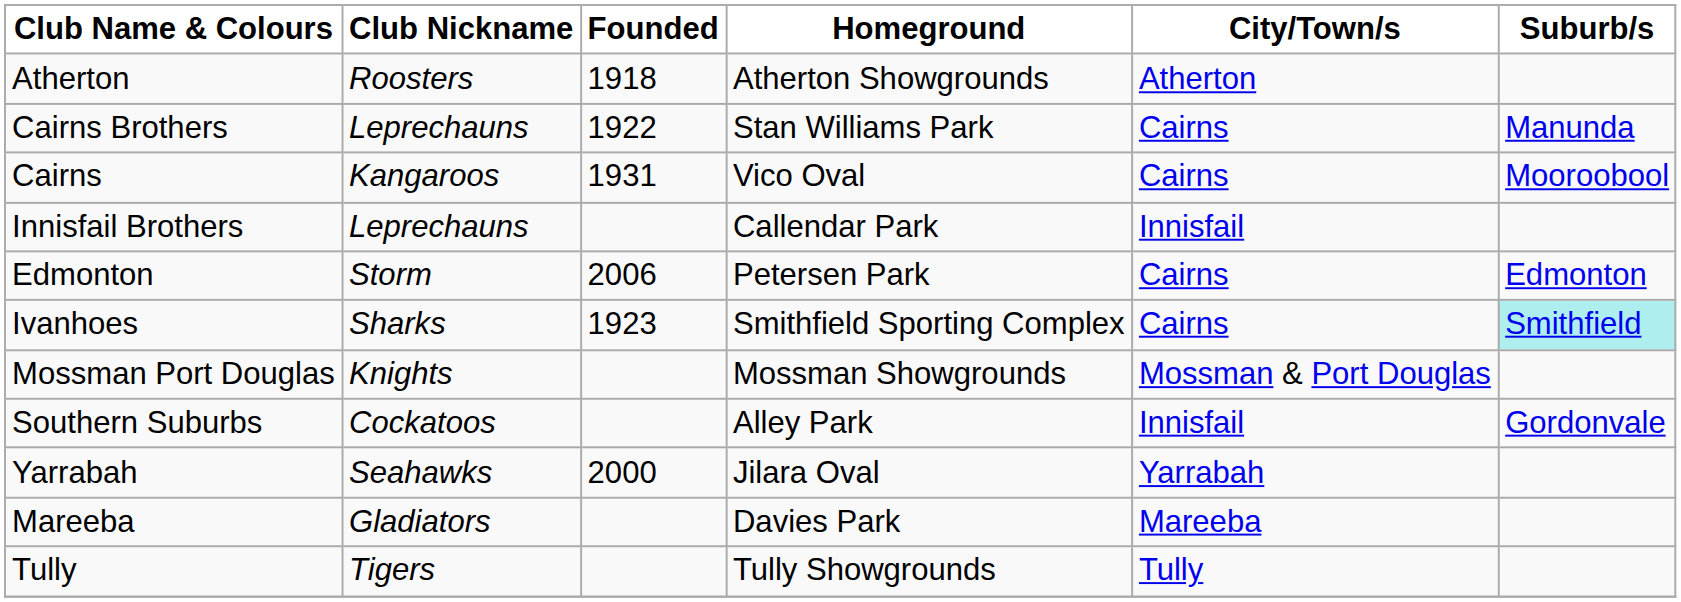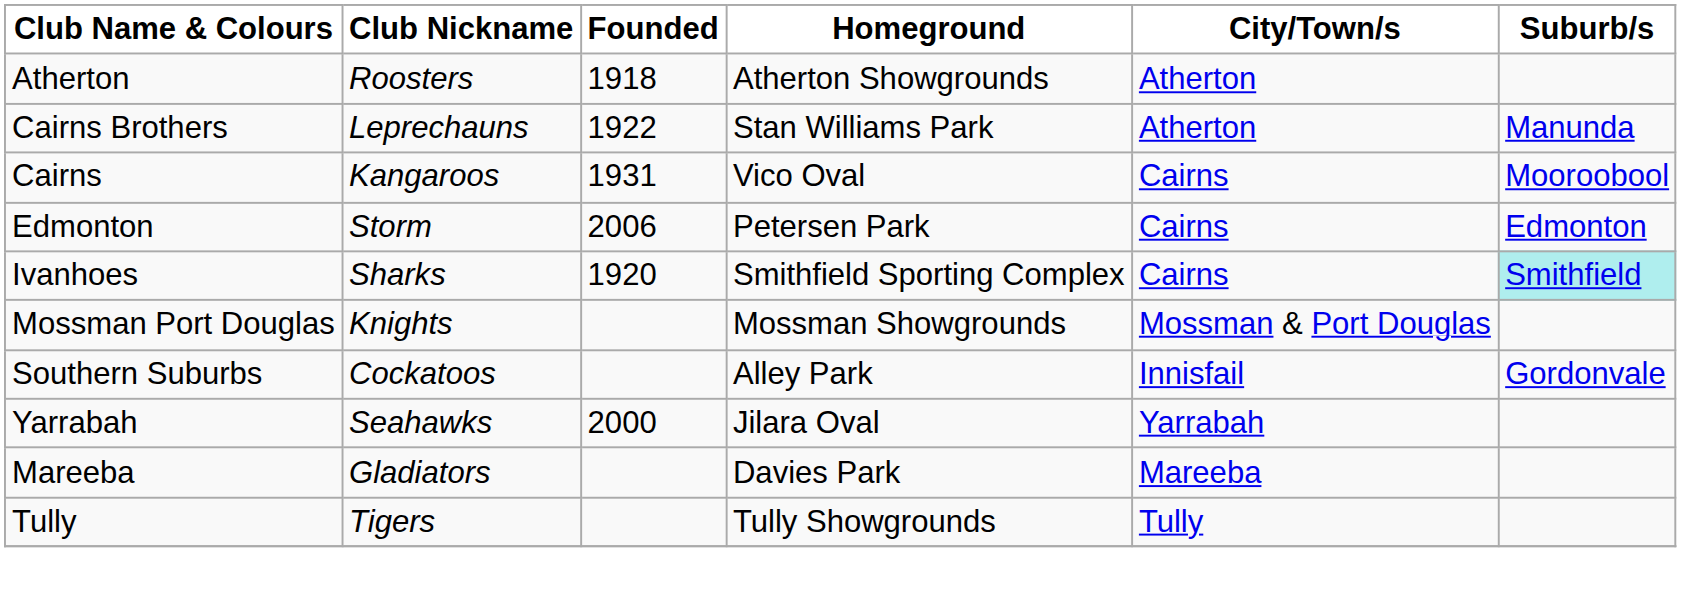 <table class="wikitable"; text-align:left">
 <tr>
 <th style="background:white;">Club Name & Colours</th>
 <th style="background:white;">Club Nickname</th>
 <th style="background:white;">Founded</th>
 <th style="background:white;">Homeground</th>
 <th style="background:white;">City/Town/s</th>
 <th style="background:white;">Suburb/s</th>
 </tr>
 <tr>
 <td> Atherton</td>
 <td><em>Roosters</em></td>
 <td>1918</td>
 <td>Atherton Showgrounds</td>
 <td><a href='#'>Atherton</a></td>
 <td></td>
 </tr>
 <tr>
 <td> Cairns Brothers</td>
 <td><em>Leprechauns</em></td>
 <td>1922</td>
 <td>Stan Williams Park</td>
-<td><a href='#'>Cairns</a></td>
+<td><a href='#'>Atherton</a></td>
 <td><a href='#'>Manunda</a></td>
 </tr>
 <tr>
 <td> Cairns</td>
 <td><em>Kangaroos</em></td>
 <td>1931</td>
 <td>Vico Oval</td>
 <td><a href='#'>Cairns</a></td>
 <td><a href='#'>Mooroobool</a></td>
-</tr>
-<tr>
-<td> Innisfail Brothers</td>
-<td><em>Leprechauns</em></td>
-<td></td>
-<td>Callendar Park</td>
-<td><a href='#'>Innisfail</a></td>
-<td></td>
 </tr>
 <tr>
 <td> Edmonton</td>
 <td><em>Storm</em></td>
 <td>2006</td>
 <td>Petersen Park</td>
 <td><a href='#'>Cairns</a></td>
 <td><a href='#'>Edmonton</a></td>
 </tr>
 <tr>
 <td> Ivanhoes</td>
 <td><em>Sharks</em></td>
-<td>1923</td>
+<td>1920</td>
 <td>Smithfield Sporting Complex</td>
 <td><a href='#'>Cairns</a></td>
 <td style="background: paleturquoise;"><a href='#'>Smithfield</a></td>
 </tr>
 <tr>
 <td> Mossman Port Douglas</td>
 <td><em>Knights</em></td>
 <td></td>
 <td>Mossman Showgrounds</td>
 <td><a href='#'>Mossman</a> & <a href='#'>Port Douglas</a></td>
 <td></td>
 </tr>
 <tr>
 <td> Southern Suburbs</td>
 <td><em>Cockatoos</em></td>
 <td></td>
 <td>Alley Park</td>
 <td><a href='#'>Innisfail</a></td>
 <td><a href='#'>Gordonvale</a></td>
 </tr>
 <tr>
 <td> Yarrabah</td>
 <td><em>Seahawks</em></td>
 <td>2000</td>
 <td>Jilara Oval</td>
 <td><a href='#'>Yarrabah</a></td>
 <td></td>
 </tr>
 <tr>
 <td> Mareeba</td>
 <td><em>Gladiators</em></td>
 <td></td>
 <td>Davies Park</td>
 <td><a href='#'>Mareeba</a></td>
 <td></td>
 </tr>
 <tr>
 <td> Tully</td>
 <td><em>Tigers</em></td>
 <td></td>
 <td>Tully Showgrounds</td>
 <td><a href='#'>Tully</a></td>
 <td></td>
 </tr>
 <tr>
 </tr>
 </table>
